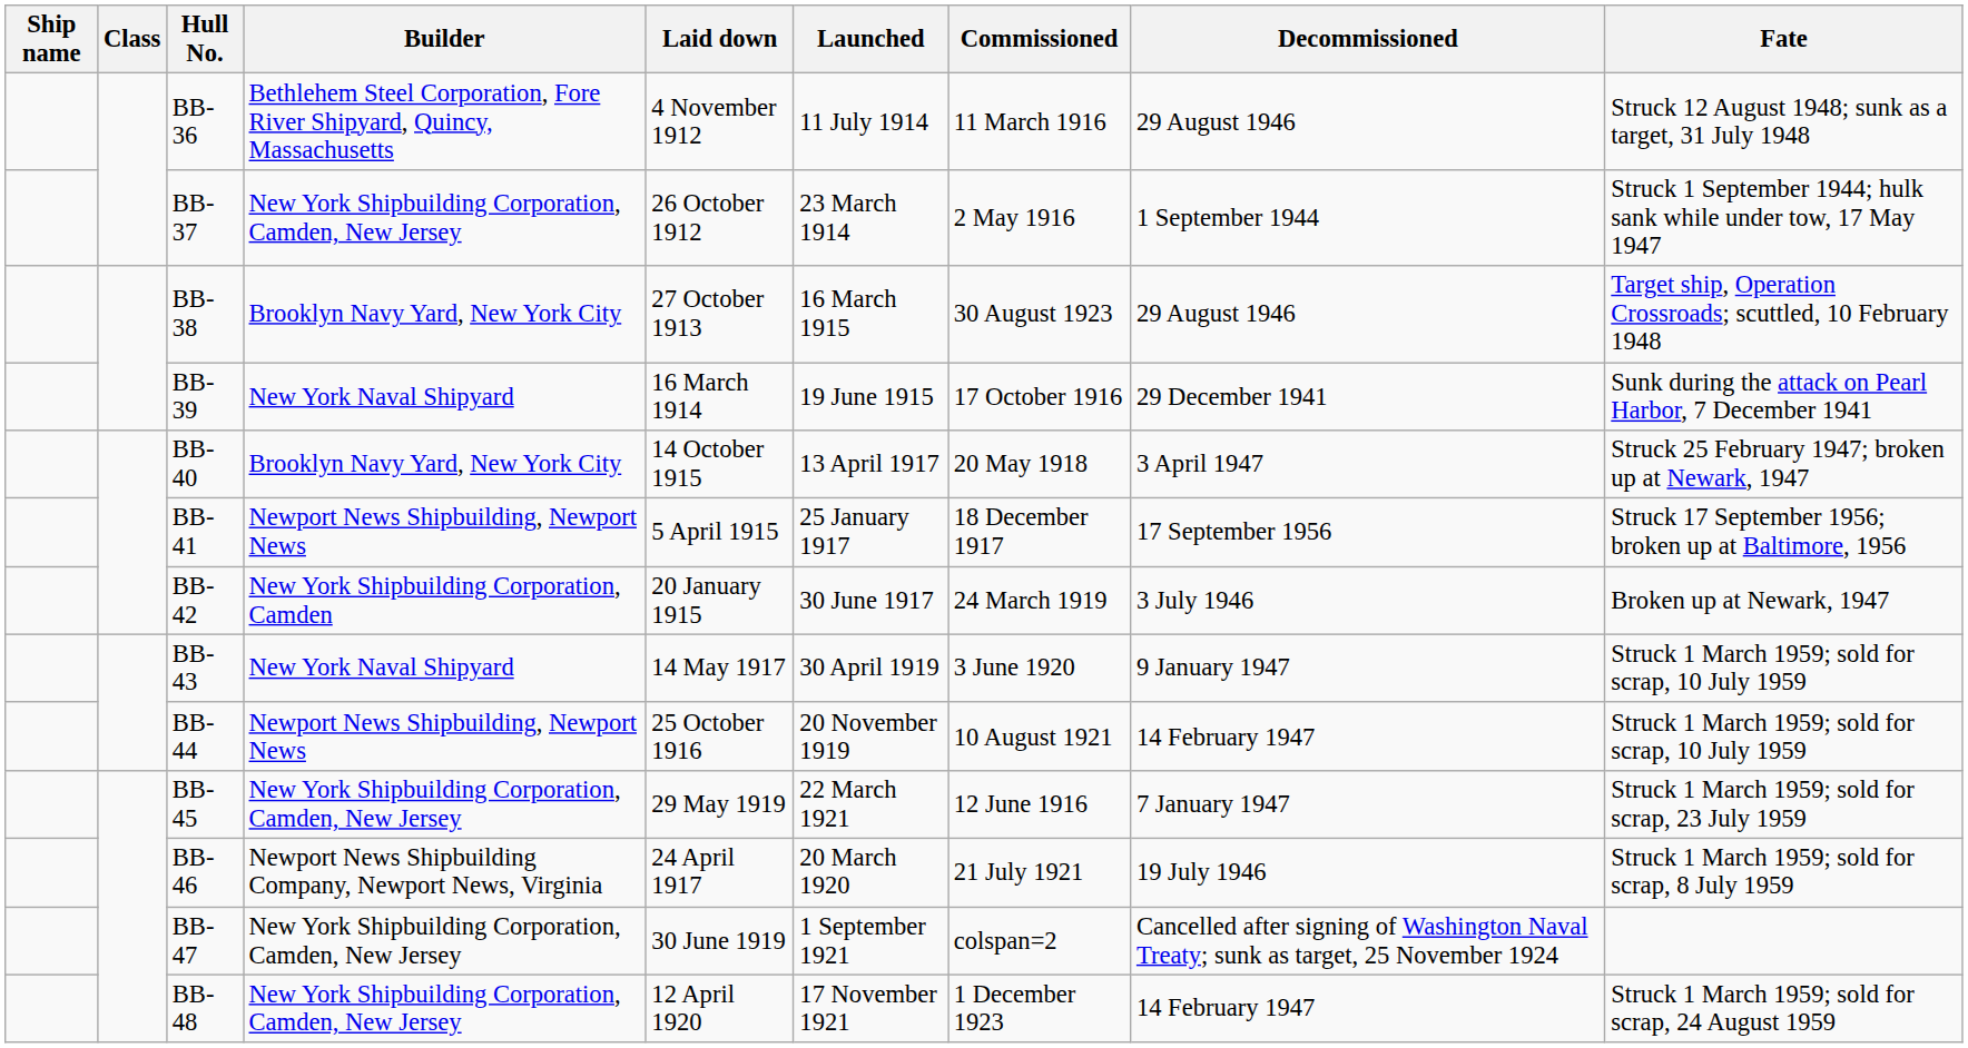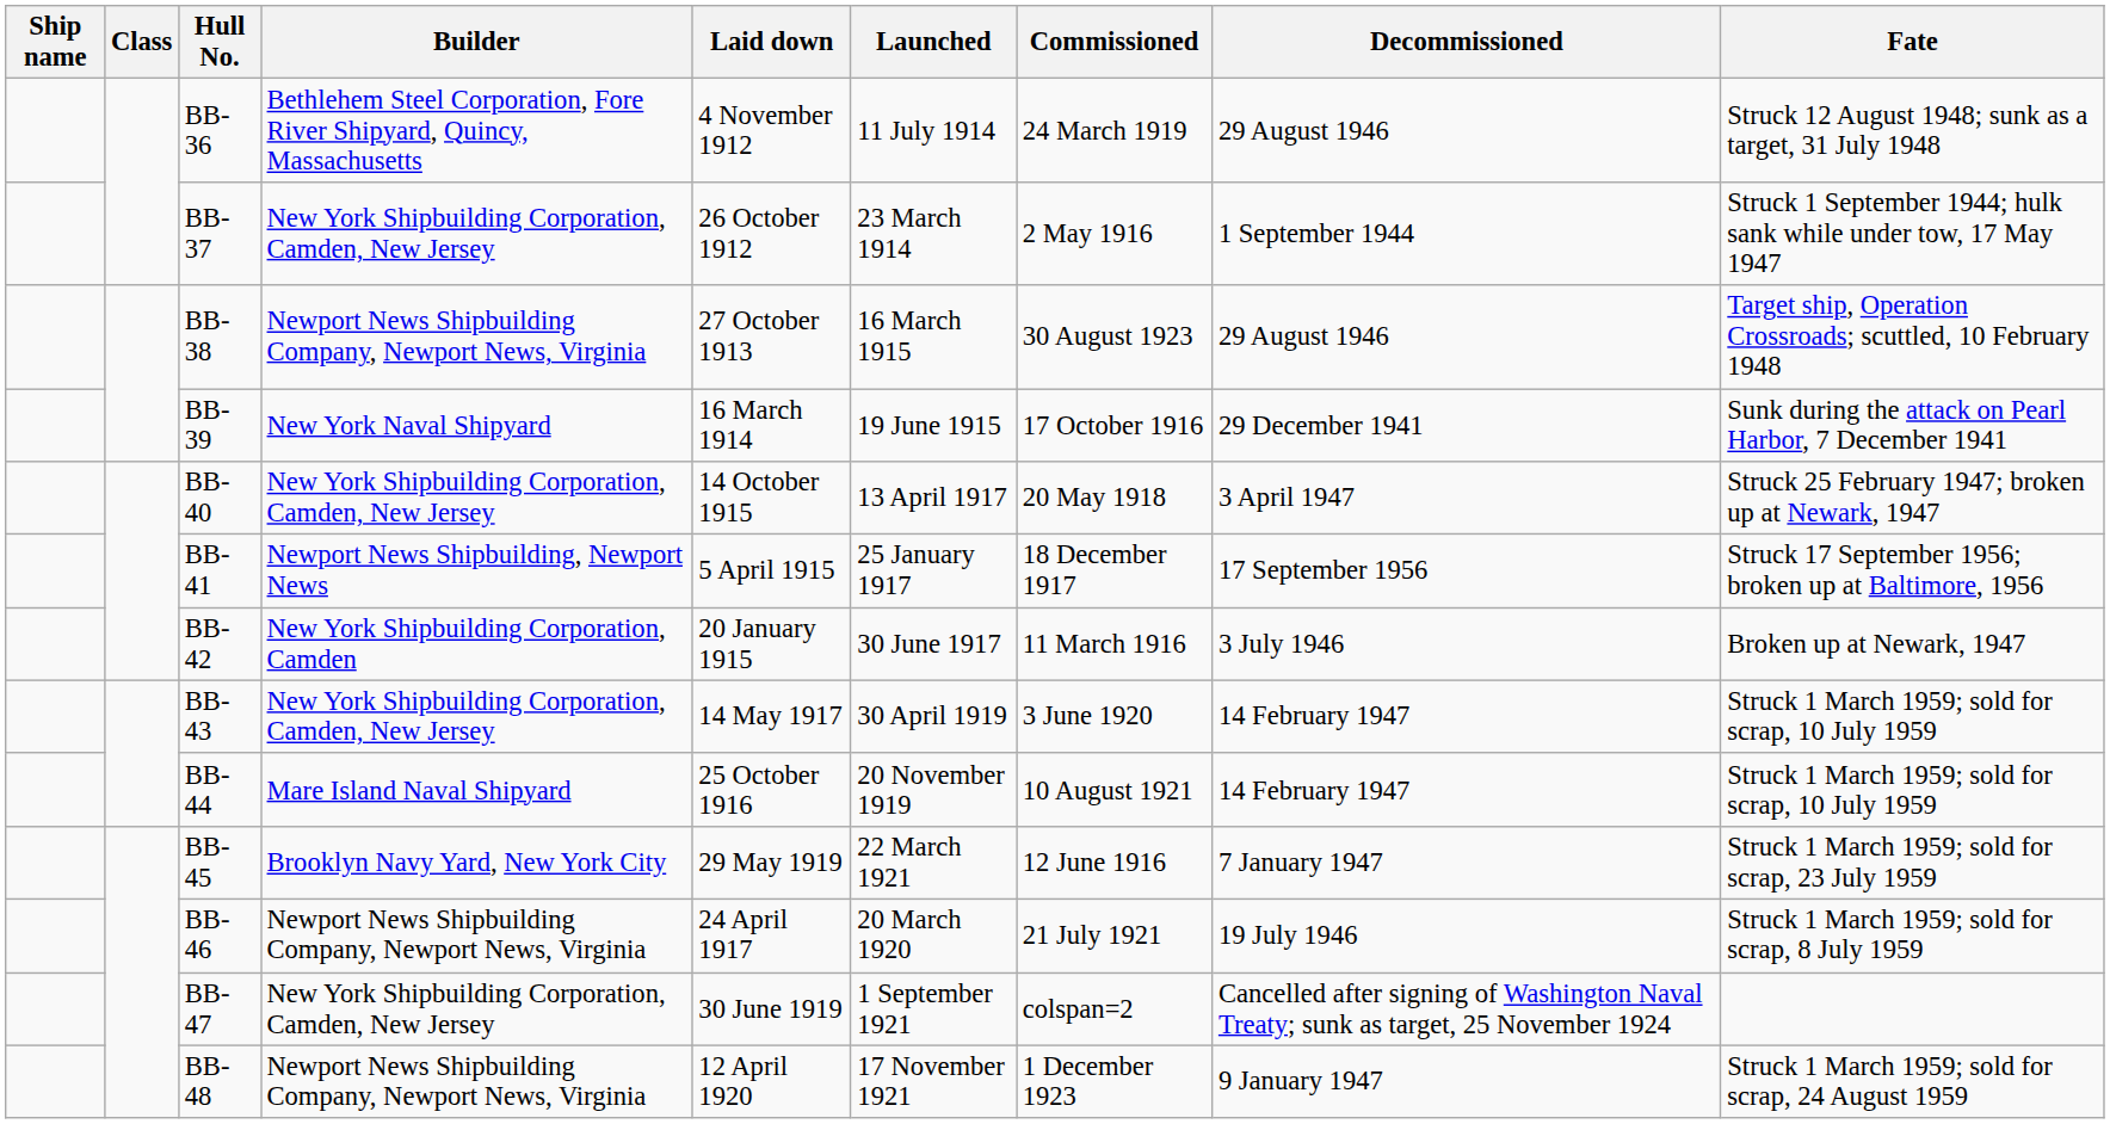 <table class="wikitable">
 <tr>
 <th>Ship name</th>
 <th>Class</th>
 <th>Hull No.</th>
 <th>Builder</th>
 <th>Laid down</th>
 <th>Launched</th>
 <th>Commissioned</th>
 <th>Decommissioned</th>
 <th>Fate</th>
 </tr>
 <tr>
 <td></td>
 <td rowspan=2></td>
 <td>BB-36</td>
 <td><a href='#'>Bethlehem Steel Corporation</a>, <a href='#'>Fore River Shipyard</a>, <a href='#'>Quincy, Massachusetts</a></td>
 <td>4 November 1912</td>
 <td>11 July 1914</td>
-<td>11 March 1916</td>
+<td>24 March 1919</td>
 <td>29 August 1946</td>
 <td>Struck 12 August 1948; sunk as a target, 31 July 1948</td>
 </tr>
 <tr>
 <td></td>
 <td>BB-37</td>
 <td><a href='#'>New York Shipbuilding Corporation</a>, <a href='#'>Camden, New Jersey</a></td>
 <td>26 October 1912</td>
 <td>23 March 1914</td>
 <td>2 May 1916</td>
 <td>1 September 1944</td>
 <td>Struck 1 September 1944; hulk sank while under tow, 17 May 1947</td>
 </tr>
 <tr>
 <td></td>
 <td rowspan=2></td>
 <td>BB-38</td>
-<td><a href='#'>Brooklyn Navy Yard</a>, <a href='#'>New York City</a></td>
+<td><a href='#'>Newport News Shipbuilding Company</a>, <a href='#'>Newport News, Virginia</a></td>
 <td>27 October 1913</td>
 <td>16 March 1915</td>
 <td>30 August 1923</td>
 <td>29 August 1946</td>
 <td><a href='#'>Target ship</a>, <a href='#'>Operation Crossroads</a>; scuttled, 10 February 1948</td>
 </tr>
 <tr>
 <td></td>
 <td>BB-39</td>
 <td><a href='#'>New York Naval Shipyard</a></td>
 <td>16 March 1914</td>
 <td>19 June 1915</td>
 <td>17 October 1916</td>
 <td>29 December 1941</td>
 <td>Sunk during the <a href='#'>attack on Pearl Harbor</a>, 7 December 1941</td>
 </tr>
 <tr>
 <td></td>
 <td rowspan=3></td>
 <td>BB-40</td>
-<td><a href='#'>Brooklyn Navy Yard</a>, <a href='#'>New York City</a></td>
+<td><a href='#'>New York Shipbuilding Corporation</a>, <a href='#'>Camden, New Jersey</a></td>
 <td>14 October 1915</td>
 <td>13 April 1917</td>
 <td>20 May 1918</td>
 <td>3 April 1947</td>
 <td>Struck 25 February 1947; broken up at <a href='#'>Newark</a>, 1947</td>
 </tr>
 <tr>
 <td></td>
 <td>BB-41</td>
 <td><a href='#'>Newport News Shipbuilding</a>, <a href='#'>Newport News</a></td>
 <td>5 April 1915</td>
 <td>25 January 1917</td>
 <td>18 December 1917</td>
 <td>17 September 1956</td>
 <td>Struck 17 September 1956; broken up at <a href='#'>Baltimore</a>, 1956</td>
 </tr>
 <tr>
 <td></td>
 <td>BB-42</td>
 <td><a href='#'>New York Shipbuilding Corporation</a>, <a href='#'>Camden</a></td>
 <td>20 January 1915</td>
 <td>30 June 1917</td>
-<td>24 March 1919</td>
+<td>11 March 1916</td>
 <td>3 July 1946</td>
 <td>Broken up at Newark, 1947</td>
 </tr>
 <tr>
 <td></td>
 <td rowspan=2></td>
 <td>BB-43</td>
-<td><a href='#'>New York Naval Shipyard</a></td>
+<td><a href='#'>New York Shipbuilding Corporation</a>, <a href='#'>Camden, New Jersey</a></td>
 <td>14 May 1917</td>
 <td>30 April 1919</td>
 <td>3 June 1920</td>
-<td>9 January 1947</td>
+<td>14 February 1947</td>
 <td>Struck 1 March 1959; sold for scrap, 10 July 1959</td>
 </tr>
 <tr>
 <td></td>
 <td>BB-44</td>
-<td><a href='#'>Newport News Shipbuilding</a>, <a href='#'>Newport News</a></td>
+<td><a href='#'>Mare Island Naval Shipyard</a></td>
 <td>25 October 1916</td>
 <td>20 November 1919</td>
 <td>10 August 1921</td>
 <td>14 February 1947</td>
 <td>Struck 1 March 1959; sold for scrap, 10 July 1959</td>
 </tr>
 <tr>
 <td></td>
 <td rowspan=4></td>
 <td>BB-45</td>
-<td><a href='#'>New York Shipbuilding Corporation</a>, <a href='#'>Camden, New Jersey</a></td>
+<td><a href='#'>Brooklyn Navy Yard</a>, <a href='#'>New York City</a></td>
 <td>29 May 1919</td>
 <td>22 March 1921</td>
 <td>12 June 1916</td>
 <td>7 January 1947</td>
 <td>Struck 1 March 1959; sold for scrap, 23 July 1959</td>
 </tr>
 <tr>
 <td></td>
 <td>BB-46</td>
 <td>Newport News Shipbuilding Company, Newport News, Virginia</td>
 <td>24 April 1917</td>
 <td>20 March 1920</td>
 <td>21 July 1921</td>
 <td>19 July 1946</td>
 <td>Struck 1 March 1959; sold for scrap, 8 July 1959</td>
 </tr>
 <tr>
 <td></td>
 <td>BB-47</td>
 <td>New York Shipbuilding Corporation, Camden, New Jersey</td>
 <td>30 June 1919</td>
 <td>1 September 1921</td>
 <td>colspan=2 </td>
 <td>Cancelled after signing of <a href='#'>Washington Naval Treaty</a>; sunk as target, 25 November 1924</td>
 </tr>
 <tr>
 <td></td>
 <td>BB-48</td>
-<td><a href='#'>New York Shipbuilding Corporation</a>, <a href='#'>Camden, New Jersey</a></td>
+<td>Newport News Shipbuilding Company, Newport News, Virginia</td>
 <td>12 April 1920</td>
 <td>17 November 1921</td>
 <td>1 December 1923</td>
-<td>14 February 1947</td>
+<td>9 January 1947</td>
 <td>Struck 1 March 1959; sold for scrap, 24 August 1959</td>
 </tr>
 </table>
